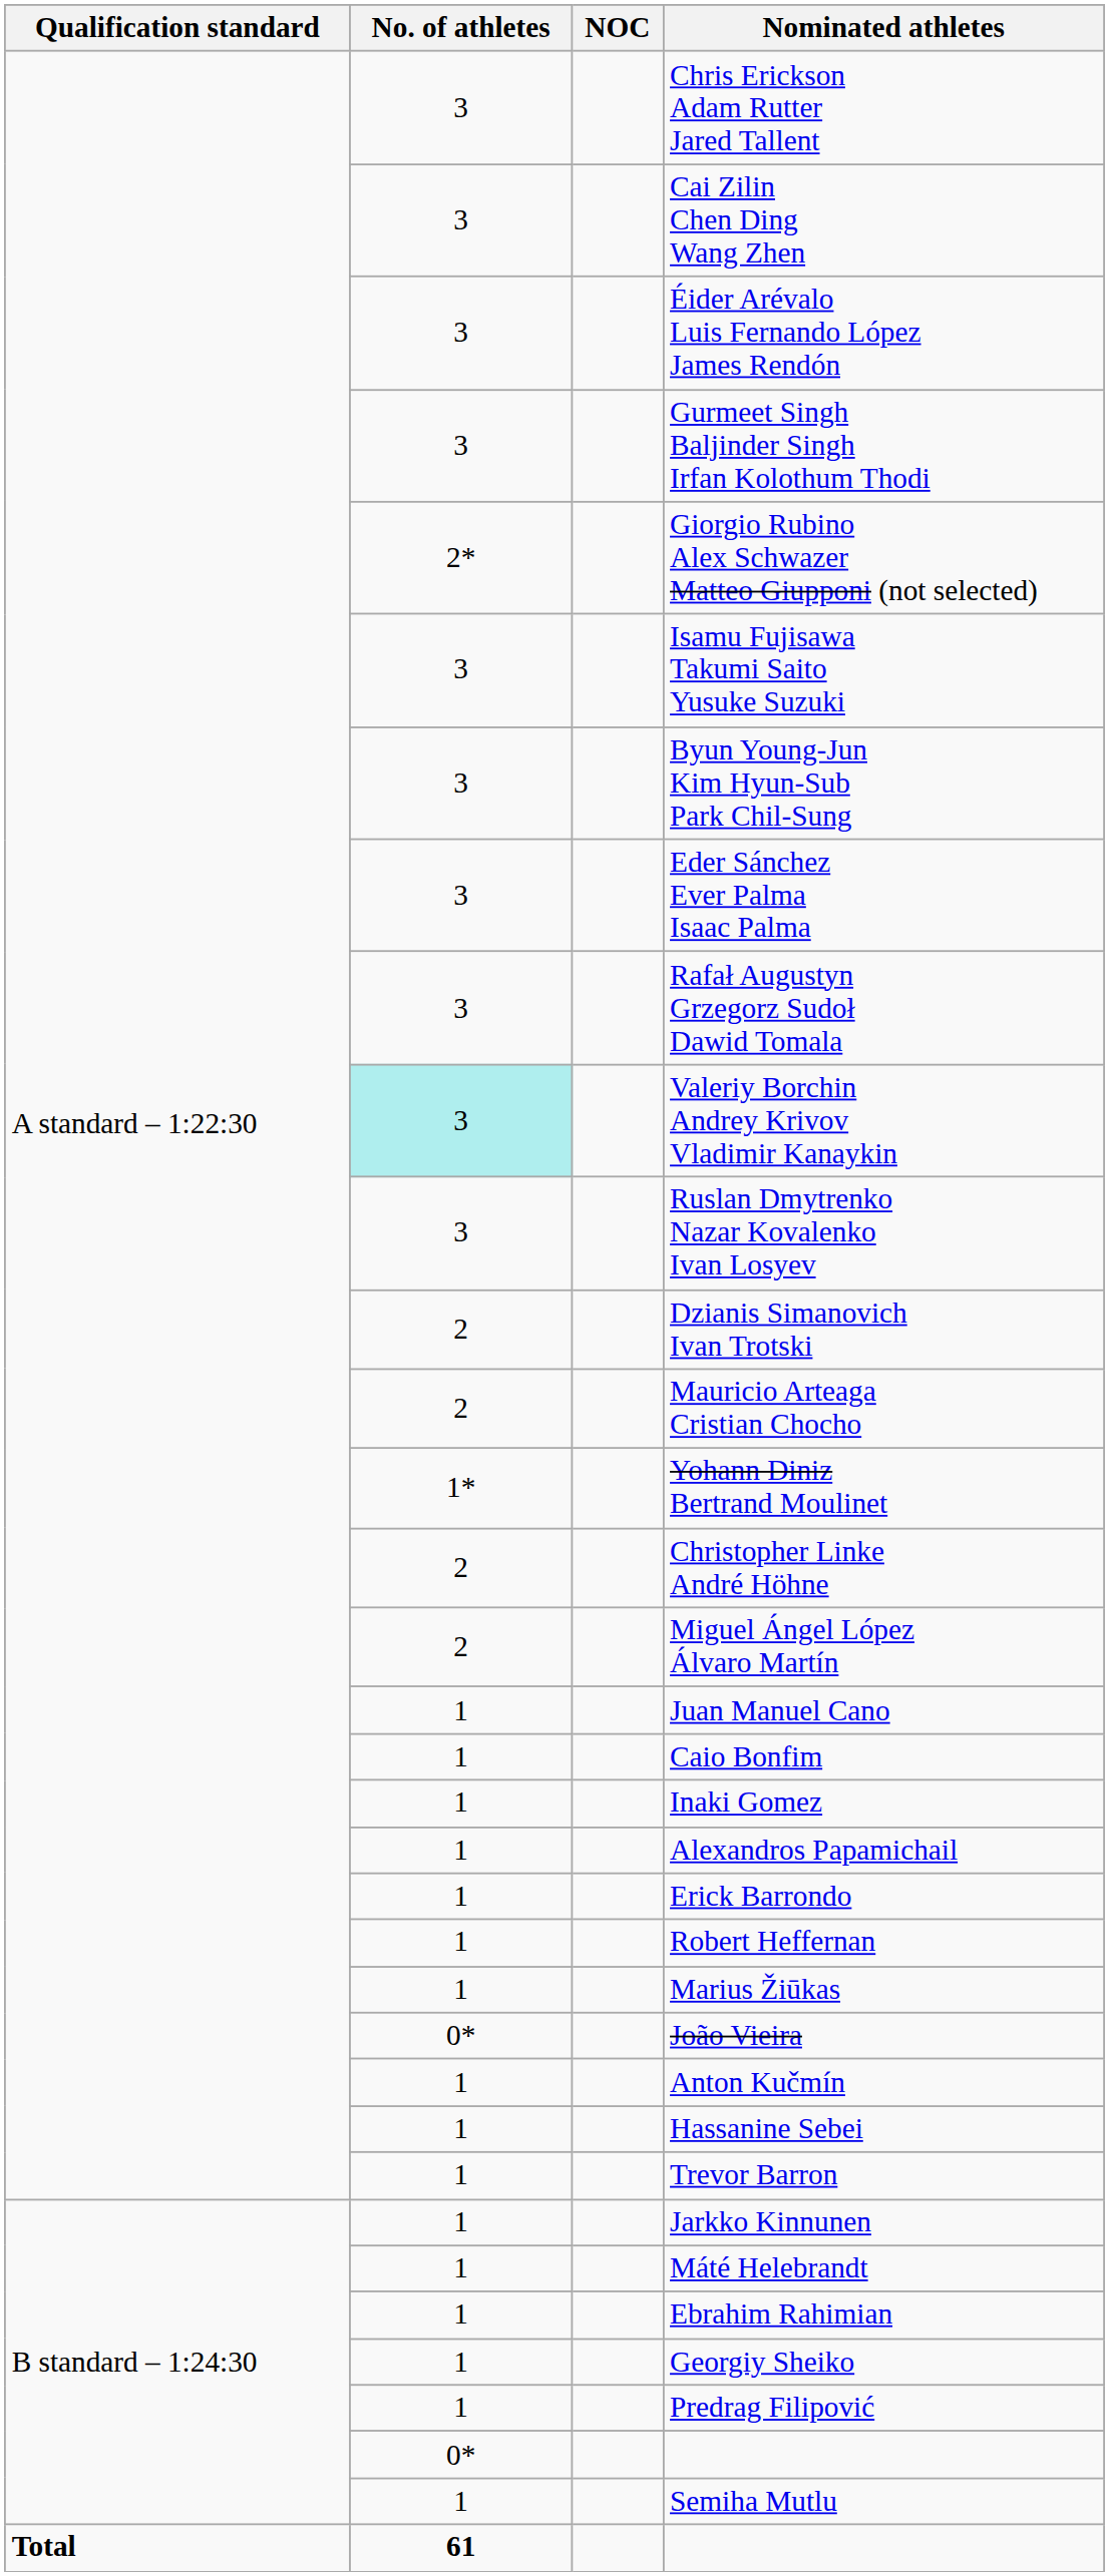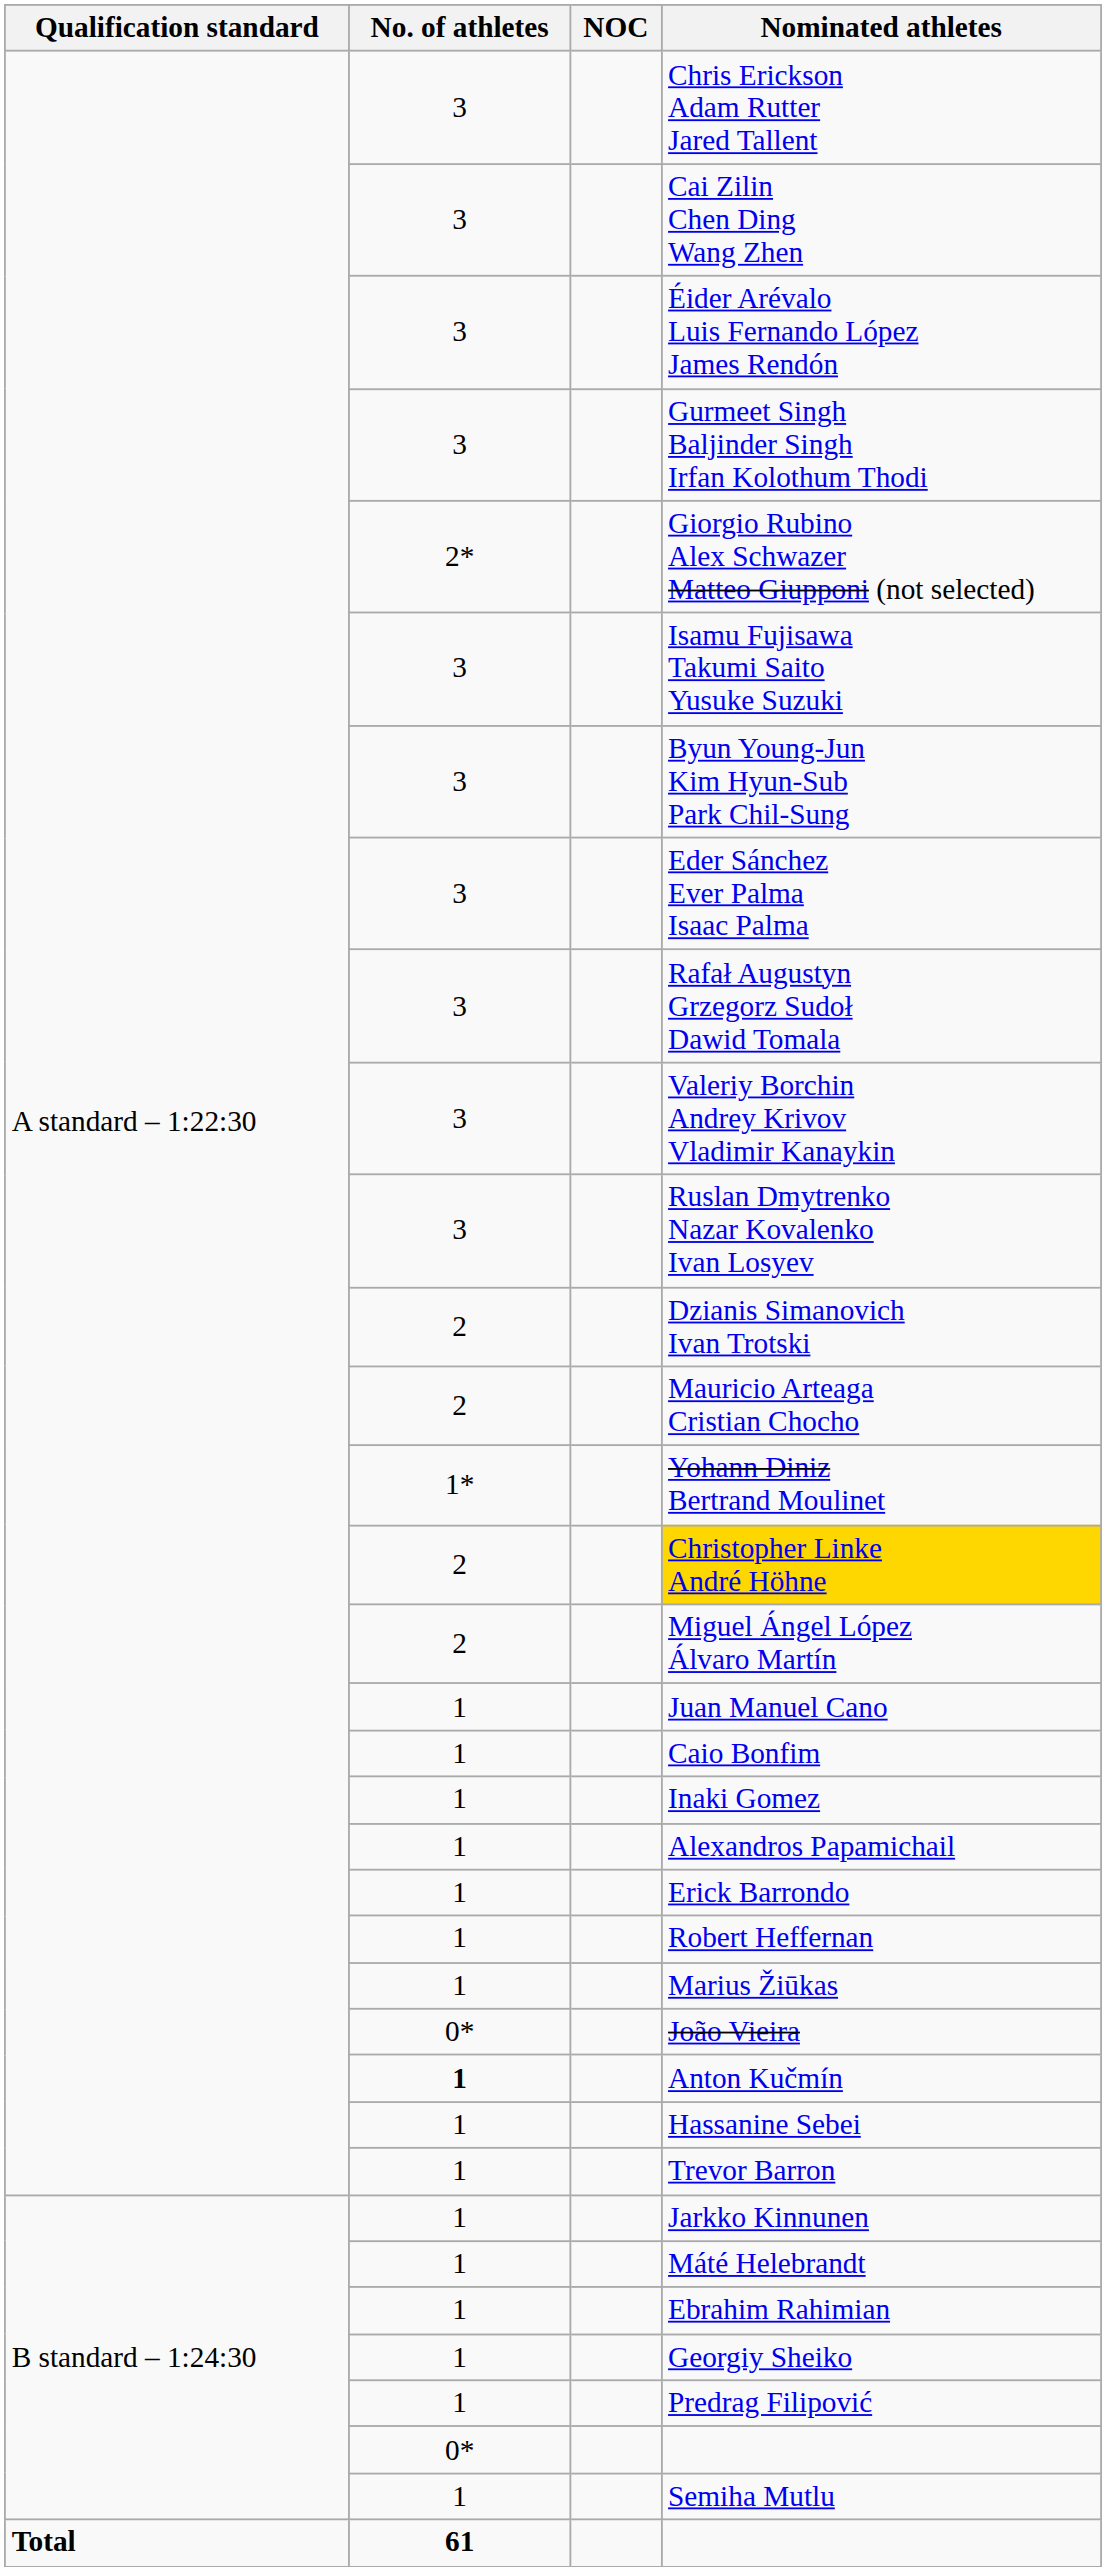 <table class="wikitable"  style="text-align:left; width:600px;">
 <tr>
 <th>Qualification standard</th>
 <th>No. of athletes</th>
 <th>NOC</th>
 <th>Nominated athletes</th>
 </tr>
 <tr>
 <td rowspan="27">A standard – 1:22:30</td>
 <td align=center>3</td>
 <td></td>
 <td><a href='#'>Chris Erickson</a><br><a href='#'>Adam Rutter</a><br><a href='#'>Jared Tallent</a></td>
 </tr>
 <tr>
 <td align=center>3</td>
 <td></td>
 <td><a href='#'>Cai Zilin</a><br><a href='#'>Chen Ding</a><br><a href='#'>Wang Zhen</a></td>
 </tr>
 <tr>
 <td align=center>3</td>
 <td></td>
 <td><a href='#'>Éider Arévalo</a><br><a href='#'>Luis Fernando López</a><br><a href='#'>James Rendón</a></td>
 </tr>
 <tr>
 <td align=center>3</td>
 <td></td>
 <td><a href='#'>Gurmeet Singh</a><br><a href='#'>Baljinder Singh</a><br><a href='#'>Irfan Kolothum Thodi</a></td>
 </tr>
 <tr>
 <td align=center>2*</td>
 <td></td>
 <td><a href='#'>Giorgio Rubino</a><br><a href='#'>Alex Schwazer</a><br><s><a href='#'>Matteo Giupponi</a></s> (not selected)</td>
 </tr>
 <tr>
 <td align=center>3</td>
 <td></td>
 <td><a href='#'>Isamu Fujisawa</a><br><a href='#'>Takumi Saito</a><br><a href='#'>Yusuke Suzuki</a></td>
 </tr>
 <tr>
 <td align=center>3</td>
 <td></td>
 <td><a href='#'>Byun Young-Jun</a><br><a href='#'>Kim Hyun-Sub</a><br><a href='#'>Park Chil-Sung</a></td>
 </tr>
 <tr>
 <td align=center>3</td>
 <td></td>
 <td><a href='#'>Eder Sánchez</a><br><a href='#'>Ever Palma</a><br><a href='#'>Isaac Palma</a></td>
 </tr>
 <tr>
 <td align=center>3</td>
 <td></td>
 <td><a href='#'>Rafał Augustyn</a><br><a href='#'>Grzegorz Sudoł</a><br><a href='#'>Dawid Tomala</a></td>
 </tr>
 <tr>
-<td align=center style="background: paleturquoise;">3</td>
+<td align=center>3</td>
 <td></td>
 <td><a href='#'>Valeriy Borchin</a><br> <a href='#'>Andrey Krivov</a> <br> <a href='#'>Vladimir Kanaykin</a></td>
 </tr>
 <tr>
 <td align=center>3</td>
 <td></td>
 <td><a href='#'>Ruslan Dmytrenko</a> <br> <a href='#'>Nazar Kovalenko</a> <br> <a href='#'>Ivan Losyev</a></td>
 </tr>
 <tr>
 <td align=center>2</td>
 <td></td>
 <td><a href='#'>Dzianis Simanovich</a> <br> <a href='#'>Ivan Trotski</a></td>
 </tr>
 <tr>
 <td align=center>2</td>
 <td></td>
 <td><a href='#'>Mauricio Arteaga</a> <br> <a href='#'>Cristian Chocho</a></td>
 </tr>
 <tr>
 <td align=center>1*</td>
 <td></td>
 <td><s><a href='#'>Yohann Diniz</a></s><br><a href='#'>Bertrand Moulinet</a></td>
 </tr>
 <tr>
 <td align=center>2</td>
 <td></td>
-<td><a href='#'>Christopher Linke</a><br><a href='#'>André Höhne</a></td>
+<td style="background: gold;"><a href='#'>Christopher Linke</a><br><a href='#'>André Höhne</a></td>
 </tr>
 <tr>
 <td align=center>2</td>
 <td></td>
 <td><a href='#'>Miguel Ángel López</a> <br> <a href='#'>Álvaro Martín</a></td>
 </tr>
 <tr>
 <td align=center>1</td>
 <td></td>
 <td><a href='#'>Juan Manuel Cano</a></td>
 </tr>
 <tr>
 <td align=center>1</td>
 <td></td>
 <td><a href='#'>Caio Bonfim</a></td>
 </tr>
 <tr>
 <td align=center>1</td>
 <td></td>
 <td><a href='#'>Inaki Gomez</a></td>
 </tr>
 <tr>
 <td align=center>1</td>
 <td></td>
 <td><a href='#'>Alexandros Papamichail</a></td>
 </tr>
 <tr>
 <td align=center>1</td>
 <td></td>
 <td><a href='#'>Erick Barrondo</a></td>
 </tr>
 <tr>
 <td align=center>1</td>
 <td></td>
 <td><a href='#'>Robert Heffernan</a></td>
 </tr>
 <tr>
 <td align=center>1</td>
 <td></td>
 <td><a href='#'>Marius Žiūkas</a></td>
 </tr>
 <tr>
 <td align=center>0*</td>
 <td></td>
 <td><s><a href='#'>João Vieira</a></s></td>
 </tr>
 <tr>
-<td align=center>1</td>
+<td align=center><strong>1</strong></td>
 <td></td>
 <td><a href='#'>Anton Kučmín</a></td>
 </tr>
 <tr>
 <td align=center>1</td>
 <td></td>
 <td><a href='#'>Hassanine Sebei</a></td>
 </tr>
 <tr>
 <td align=center>1</td>
 <td></td>
 <td><a href='#'>Trevor Barron</a></td>
 </tr>
 <tr>
 <td rowspan="7">B standard – 1:24:30</td>
 <td align=center>1</td>
 <td></td>
 <td><a href='#'>Jarkko Kinnunen</a></td>
 </tr>
 <tr>
 <td align=center>1</td>
 <td></td>
 <td><a href='#'>Máté Helebrandt</a></td>
 </tr>
 <tr>
 <td align=center>1</td>
 <td></td>
 <td><a href='#'>Ebrahim Rahimian</a></td>
 </tr>
 <tr>
 <td align=center>1</td>
 <td></td>
 <td><a href='#'>Georgiy Sheiko</a></td>
 </tr>
 <tr>
 <td align=center>1</td>
 <td></td>
 <td><a href='#'>Predrag Filipović</a></td>
 </tr>
 <tr>
 <td align=center>0*</td>
 <td><s></s></td>
 <td></td>
 </tr>
 <tr>
 <td align=center>1</td>
 <td></td>
 <td><a href='#'>Semiha Mutlu</a></td>
 </tr>
 <tr>
 <td><strong>Total</strong></td>
 <td align=center><strong>61</strong></td>
 <td></td>
 <td></td>
 </tr>
 </table>
